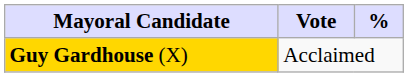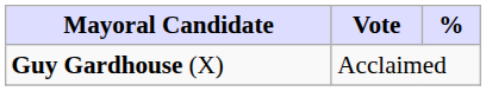 <table class="wikitable">
 <tr>
 <th style="background:#ddf; width:200px;">Mayoral Candidate</th>
 <th style="background:#ddf; width:50px;">Vote</th>
 <th style="background:#ddf; width:30px;">%</th>
 </tr>
 <tr>
-<td style="background: gold;"><strong>Guy Gardhouse</strong> (X)</td>
+<td><strong>Guy Gardhouse</strong> (X)</td>
 <td colspan="2">Acclaimed</td>
 </tr>
 </table>
